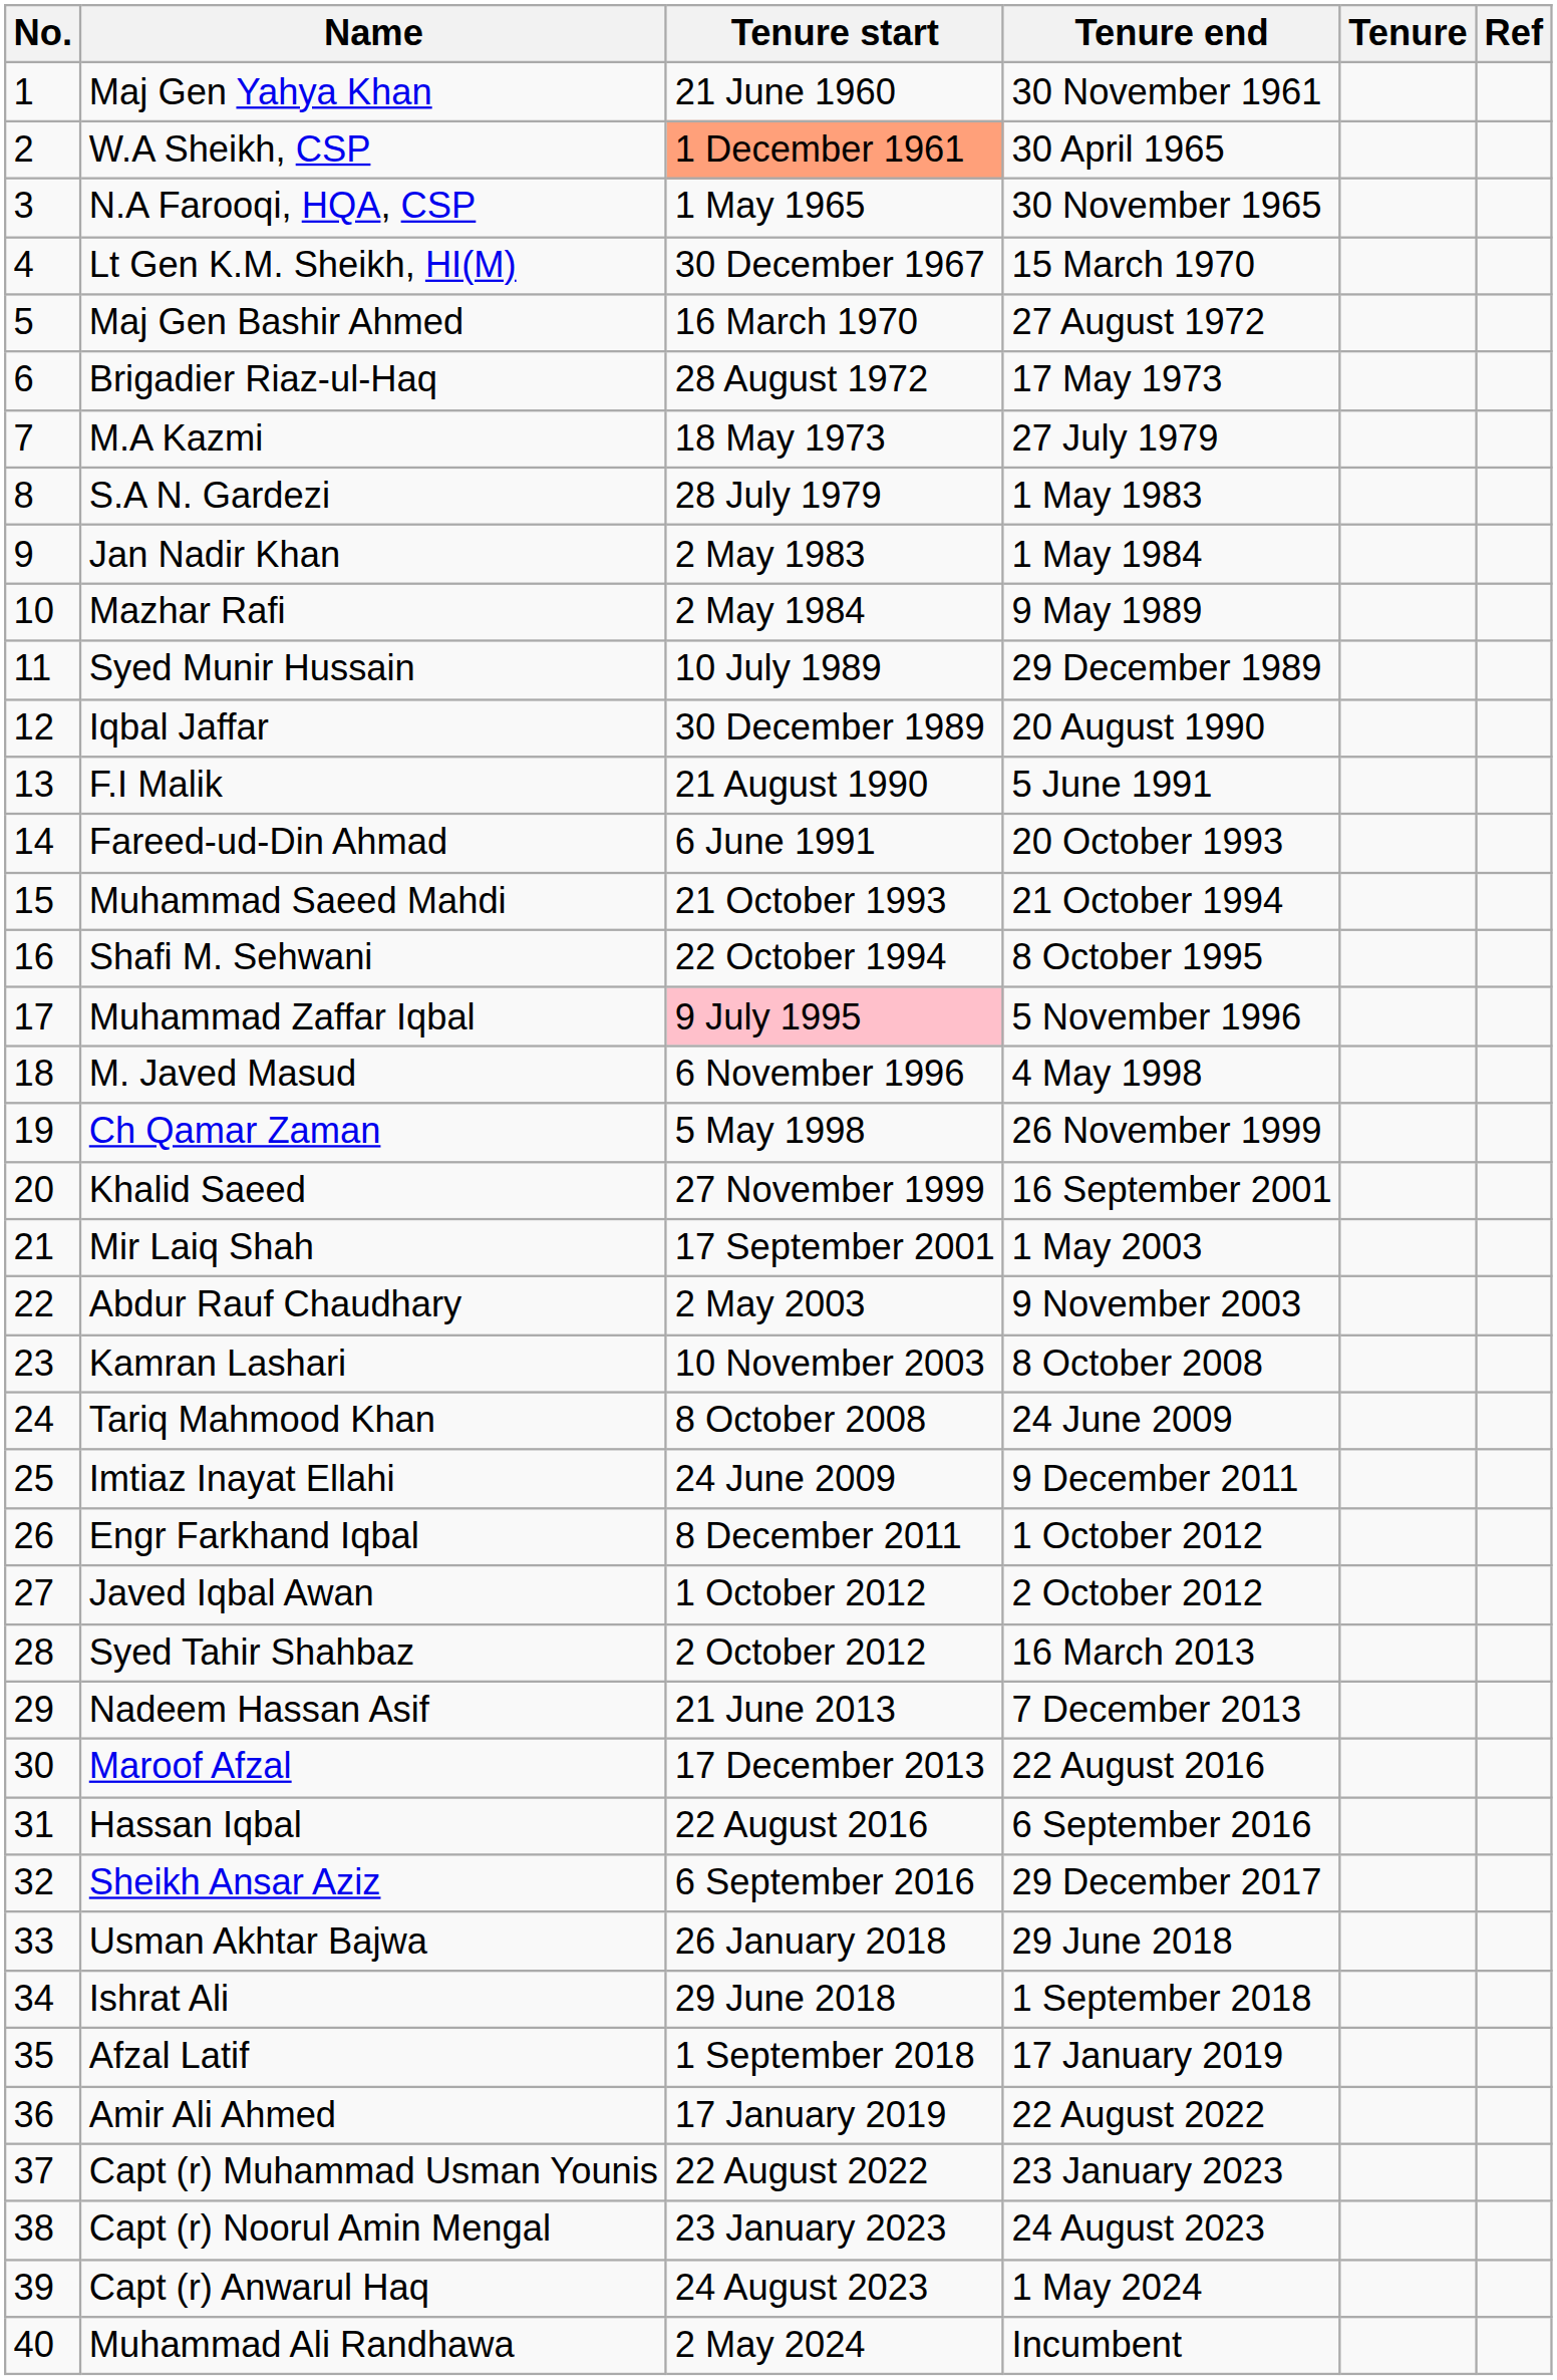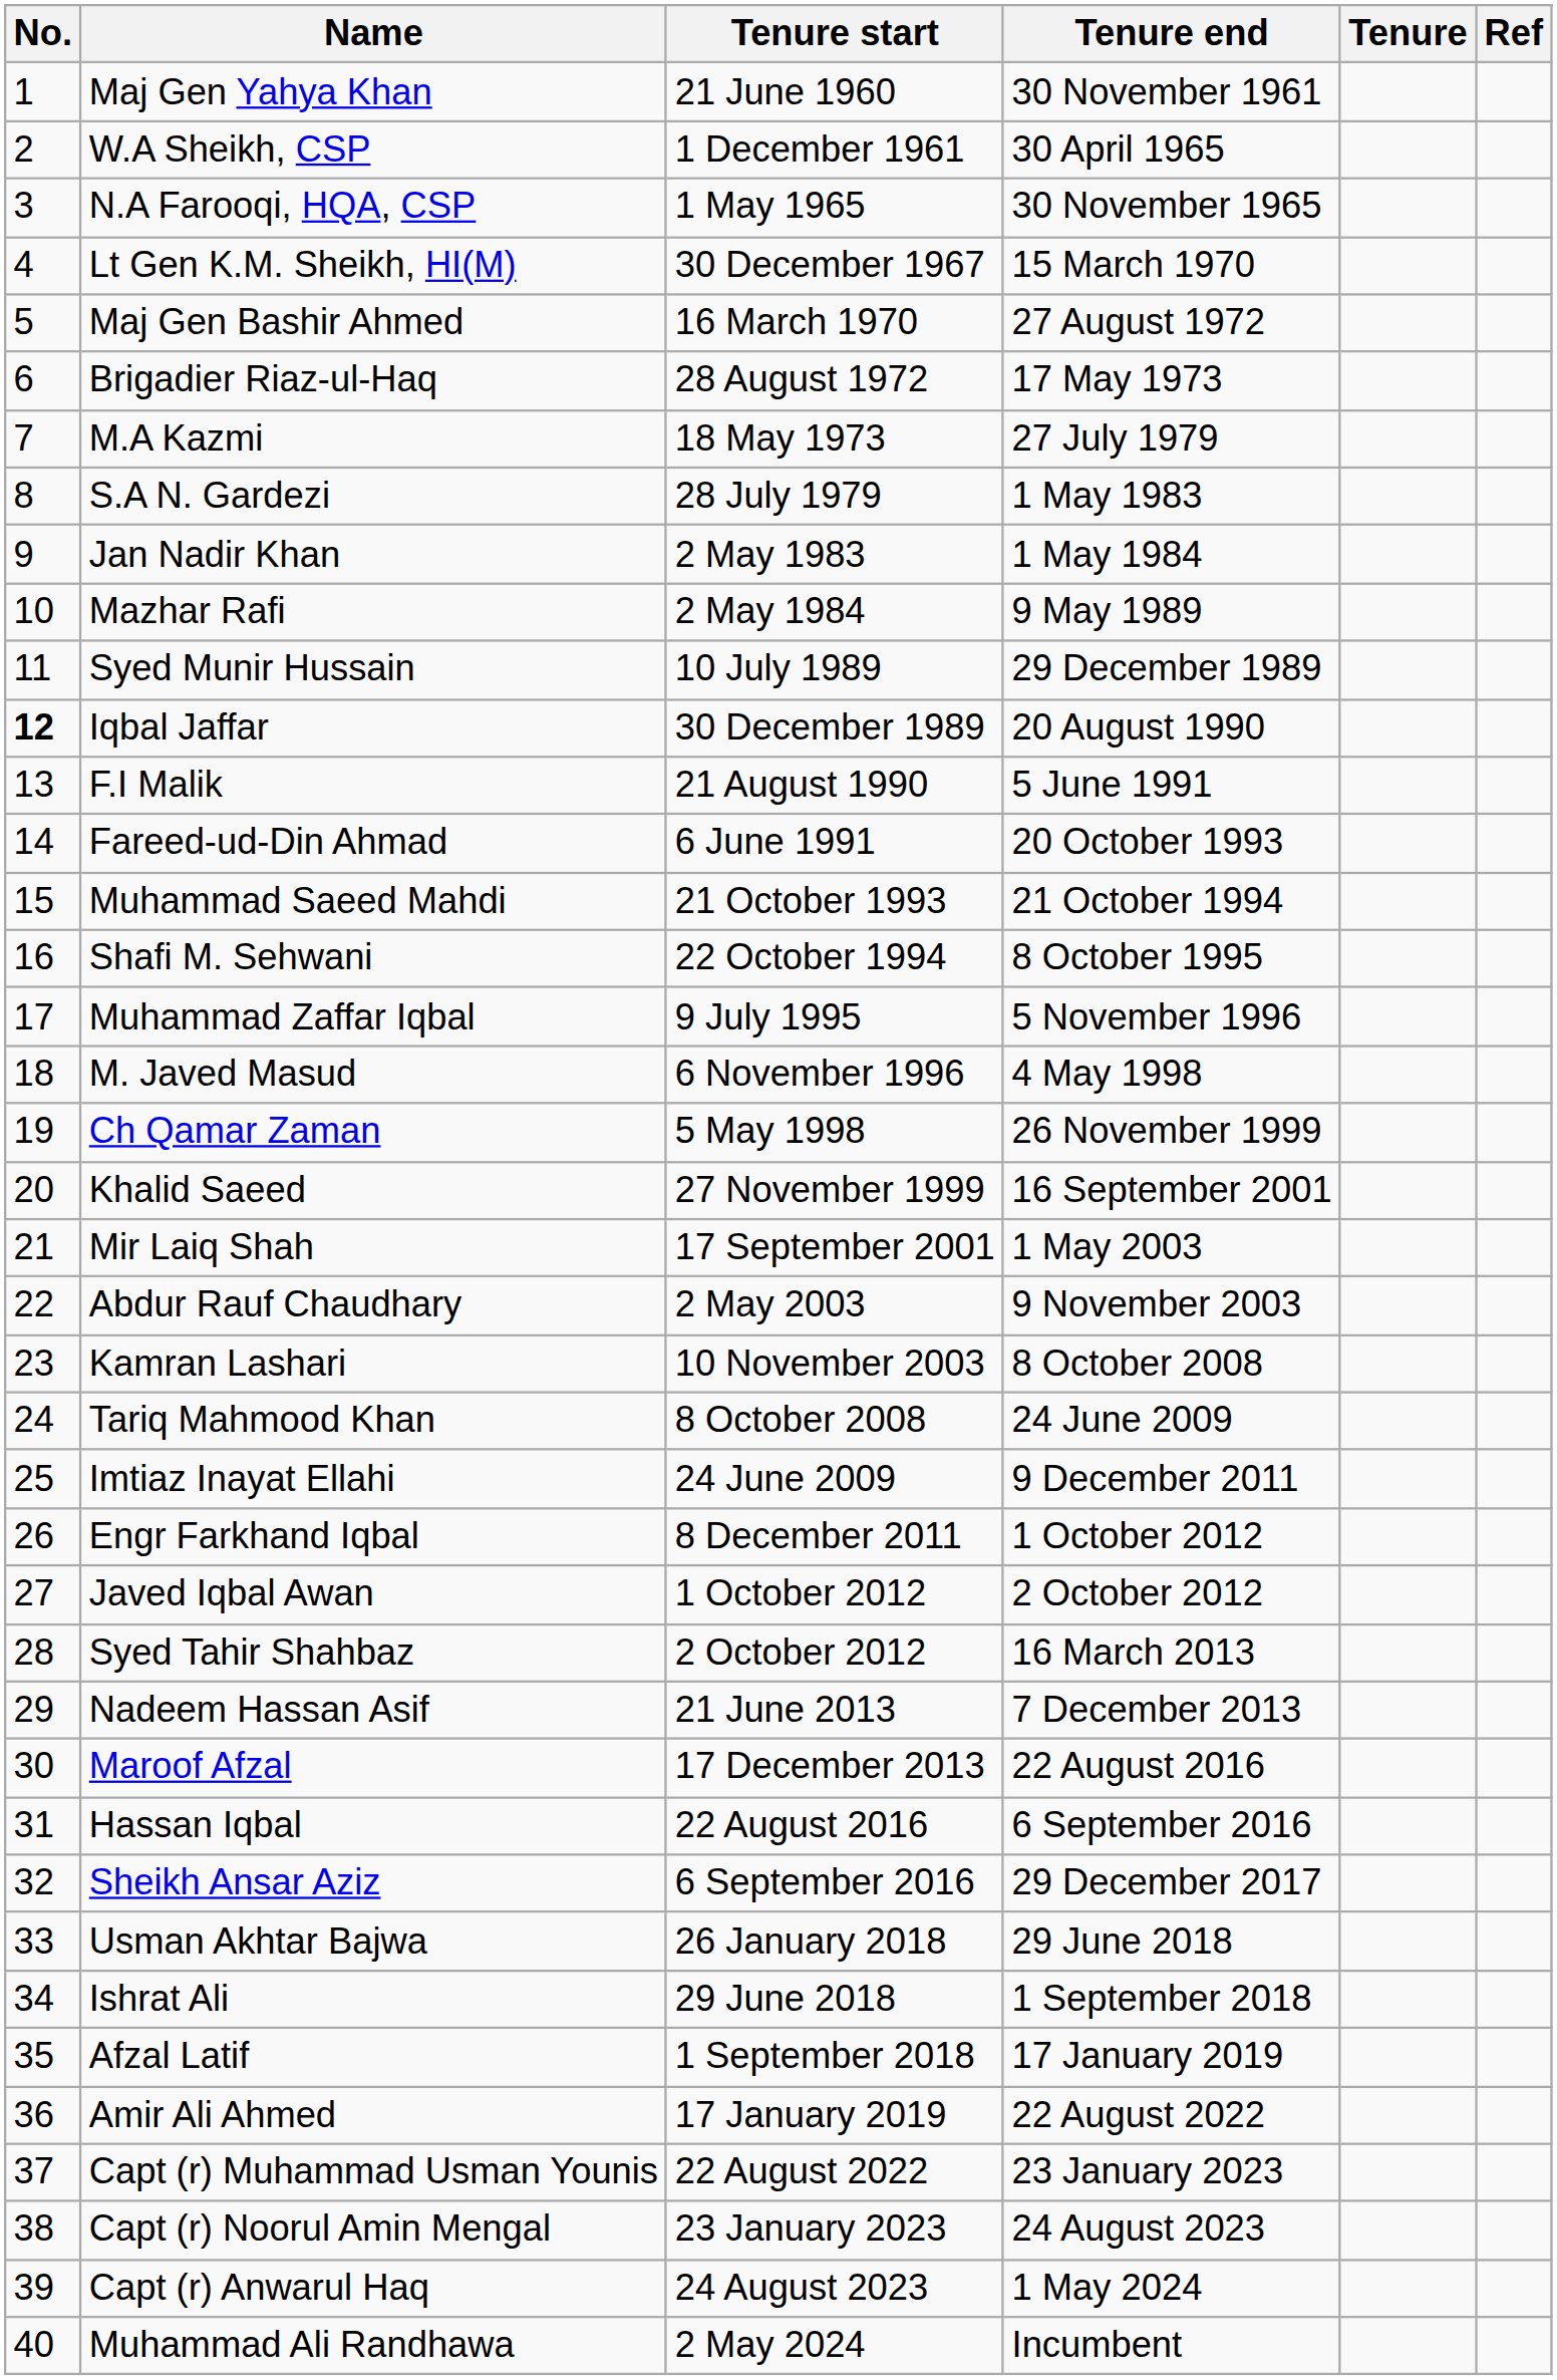 <table class="wikitable sortable">
 <tr>
 <th>No.</th>
 <th>Name</th>
 <th>Tenure start</th>
 <th>Tenure end</th>
 <th>Tenure</th>
 <th>Ref</th>
 </tr>
 <tr>
 <td>1</td>
 <td>Maj Gen <a href='#'>Yahya Khan</a></td>
 <td>21 June 1960</td>
 <td>30 November 1961</td>
 <td></td>
 <td></td>
 </tr>
 <tr>
 <td>2</td>
 <td>W.A Sheikh, <a href='#'>CSP</a></td>
-<td style="background: lightsalmon;">1 December 1961</td>
+<td>1 December 1961</td>
 <td>30 April 1965</td>
 <td></td>
 <td></td>
 </tr>
 <tr>
 <td>3</td>
 <td>N.A Farooqi, <a href='#'>HQA</a>, <a href='#'>CSP</a></td>
 <td>1 May 1965</td>
 <td>30 November 1965</td>
 <td></td>
 <td></td>
 </tr>
 <tr>
 <td>4</td>
 <td>Lt Gen K.M. Sheikh, <a href='#'>HI(M)</a></td>
 <td>30 December 1967</td>
 <td>15 March 1970</td>
 <td></td>
 <td></td>
 </tr>
 <tr>
 <td>5</td>
 <td>Maj Gen Bashir Ahmed</td>
 <td>16 March 1970</td>
 <td>27 August 1972</td>
 <td></td>
 <td></td>
 </tr>
 <tr>
 <td>6</td>
 <td>Brigadier Riaz-ul-Haq</td>
 <td>28 August 1972</td>
 <td>17 May 1973</td>
 <td></td>
 <td></td>
 </tr>
 <tr>
 <td>7</td>
 <td>M.A Kazmi</td>
 <td>18 May 1973</td>
 <td>27 July 1979</td>
 <td></td>
 <td></td>
 </tr>
 <tr>
 <td>8</td>
 <td>S.A N. Gardezi</td>
 <td>28 July 1979</td>
 <td>1 May 1983</td>
 <td></td>
 <td></td>
 </tr>
 <tr>
 <td>9</td>
 <td>Jan Nadir Khan</td>
 <td>2 May 1983</td>
 <td>1 May 1984</td>
 <td></td>
 <td></td>
 </tr>
 <tr>
 <td>10</td>
 <td>Mazhar Rafi</td>
 <td>2 May 1984</td>
 <td>9 May 1989</td>
 <td></td>
 <td></td>
 </tr>
 <tr>
 <td>11</td>
 <td>Syed Munir Hussain</td>
 <td>10 July 1989</td>
 <td>29 December 1989</td>
 <td></td>
 <td></td>
 </tr>
 <tr>
-<td>12</td>
+<td><strong>12</strong></td>
 <td>Iqbal Jaffar</td>
 <td>30 December 1989</td>
 <td>20 August 1990</td>
 <td></td>
 <td></td>
 </tr>
 <tr>
 <td>13</td>
 <td>F.I Malik</td>
 <td>21 August 1990</td>
 <td>5 June 1991</td>
 <td></td>
 <td></td>
 </tr>
 <tr>
 <td>14</td>
 <td>Fareed-ud-Din Ahmad</td>
 <td>6 June 1991</td>
 <td>20 October 1993</td>
 <td></td>
 <td></td>
 </tr>
 <tr>
 <td>15</td>
 <td>Muhammad Saeed Mahdi</td>
 <td>21 October 1993</td>
 <td>21 October 1994</td>
 <td></td>
 <td></td>
 </tr>
 <tr>
 <td>16</td>
 <td>Shafi M. Sehwani</td>
 <td>22 October 1994</td>
 <td>8 October 1995</td>
 <td></td>
 <td></td>
 </tr>
 <tr>
 <td>17</td>
 <td>Muhammad Zaffar Iqbal</td>
-<td style="background: pink;">9 July 1995</td>
+<td>9 July 1995</td>
 <td>5 November 1996</td>
 <td></td>
 <td></td>
 </tr>
 <tr>
 <td>18</td>
 <td>M. Javed Masud</td>
 <td>6 November 1996</td>
 <td>4 May 1998</td>
 <td></td>
 <td></td>
 </tr>
 <tr>
 <td>19</td>
 <td><a href='#'>Ch Qamar Zaman</a></td>
 <td>5 May 1998</td>
 <td>26 November 1999</td>
 <td></td>
 <td></td>
 </tr>
 <tr>
 <td>20</td>
 <td>Khalid Saeed</td>
 <td>27 November 1999</td>
 <td>16 September 2001</td>
 <td></td>
 <td></td>
 </tr>
 <tr>
 <td>21</td>
 <td>Mir Laiq Shah</td>
 <td>17 September 2001</td>
 <td>1 May 2003</td>
 <td></td>
 <td></td>
 </tr>
 <tr>
 <td>22</td>
 <td>Abdur Rauf Chaudhary</td>
 <td>2 May 2003</td>
 <td>9 November 2003</td>
 <td></td>
 <td></td>
 </tr>
 <tr>
 <td>23</td>
 <td>Kamran Lashari</td>
 <td>10 November 2003</td>
 <td>8 October 2008</td>
 <td></td>
 <td></td>
 </tr>
 <tr>
 <td>24</td>
 <td>Tariq Mahmood Khan</td>
 <td>8 October 2008</td>
 <td>24 June 2009</td>
 <td></td>
 <td></td>
 </tr>
 <tr>
 <td>25</td>
 <td>Imtiaz Inayat Ellahi</td>
 <td>24 June 2009</td>
 <td>9 December 2011</td>
 <td></td>
 <td></td>
 </tr>
 <tr>
 <td>26</td>
 <td>Engr Farkhand Iqbal</td>
 <td>8 December 2011</td>
 <td>1 October 2012</td>
 <td></td>
 <td></td>
 </tr>
 <tr>
 <td>27</td>
 <td>Javed Iqbal Awan</td>
 <td>1 October 2012</td>
 <td>2 October 2012</td>
 <td></td>
 <td></td>
 </tr>
 <tr>
 <td>28</td>
 <td>Syed Tahir Shahbaz</td>
 <td>2 October 2012</td>
 <td>16 March 2013</td>
 <td></td>
 <td></td>
 </tr>
 <tr>
 <td>29</td>
 <td>Nadeem Hassan Asif</td>
 <td>21 June 2013</td>
 <td>7 December 2013</td>
 <td></td>
 <td></td>
 </tr>
 <tr>
 <td>30</td>
 <td><a href='#'>Maroof Afzal</a></td>
 <td>17 December 2013</td>
 <td>22 August 2016</td>
 <td></td>
 <td></td>
 </tr>
 <tr>
 <td>31</td>
 <td>Hassan Iqbal</td>
 <td>22 August 2016</td>
 <td>6 September 2016</td>
 <td></td>
 <td></td>
 </tr>
 <tr>
 <td>32</td>
 <td><a href='#'>Sheikh Ansar Aziz</a></td>
 <td>6 September 2016</td>
 <td>29 December 2017</td>
 <td></td>
 <td></td>
 </tr>
 <tr>
 <td>33</td>
 <td>Usman Akhtar Bajwa</td>
 <td>26 January 2018</td>
 <td>29 June 2018</td>
 <td></td>
 <td></td>
 </tr>
 <tr>
 <td>34</td>
 <td>Ishrat Ali</td>
 <td>29 June 2018</td>
 <td>1 September 2018</td>
 <td></td>
 <td></td>
 </tr>
 <tr>
 <td>35</td>
 <td>Afzal Latif</td>
 <td>1 September 2018</td>
 <td>17 January 2019</td>
 <td></td>
 <td></td>
 </tr>
 <tr>
 <td>36</td>
 <td>Amir Ali Ahmed</td>
 <td>17 January 2019</td>
 <td>22 August 2022</td>
 <td></td>
 <td></td>
 </tr>
 <tr>
 <td>37</td>
 <td>Capt (r) Muhammad Usman Younis</td>
 <td>22 August 2022</td>
 <td>23 January 2023</td>
 <td></td>
 <td></td>
 </tr>
 <tr>
 <td>38</td>
 <td>Capt (r) Noorul Amin Mengal</td>
 <td>23 January 2023</td>
 <td>24 August 2023</td>
 <td></td>
 <td></td>
 </tr>
 <tr>
 <td>39</td>
 <td>Capt (r) Anwarul Haq</td>
 <td>24 August 2023</td>
 <td>1 May 2024</td>
 <td></td>
 <td></td>
 </tr>
 <tr>
 <td>40</td>
 <td>Muhammad Ali Randhawa</td>
 <td>2 May 2024</td>
 <td>Incumbent</td>
 <td></td>
 <td></td>
 </tr>
 </table>
